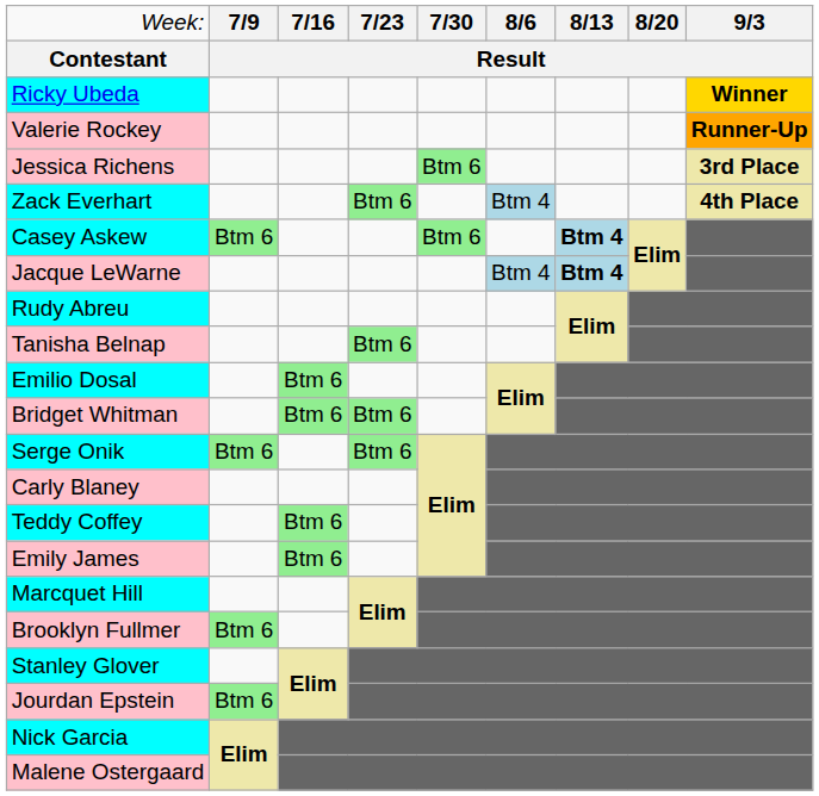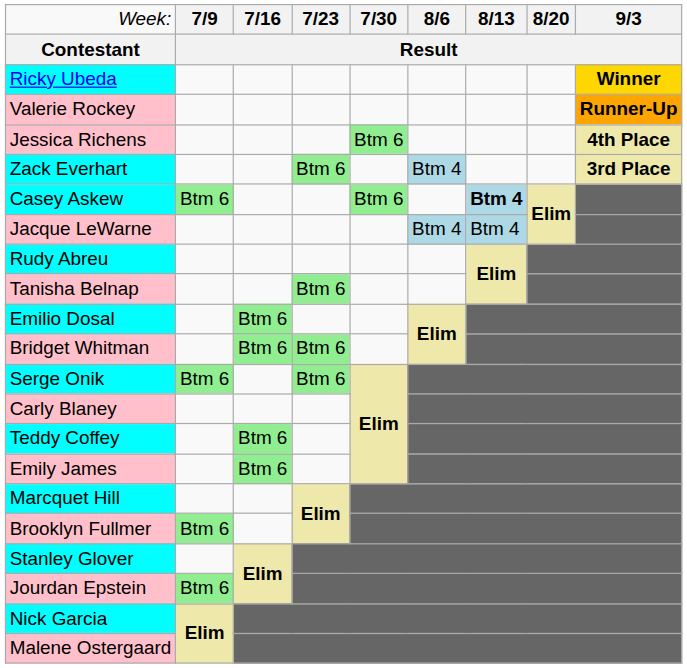 <table class="wikitable" style="margin:1em auto;">
 <tr>
 <td align="right"><em>Week:</em></td>
 <th>7/9</th>
 <th>7/16</th>
 <th>7/23</th>
 <th>7/30</th>
 <th>8/6</th>
 <th>8/13</th>
 <th>8/20</th>
 <th>9/3</th>
 </tr>
 <tr>
 <th>Contestant</th>
 <th colspan="22" style="text-align:center;">Result</th>
 </tr>
 <tr>
 <td style="background:cyan;"><a href='#'>Ricky Ubeda</a></td>
 <td></td>
 <td></td>
 <td></td>
 <td></td>
 <td></td>
 <td></td>
 <td></td>
 <td style="background:gold; text-align:center;"><strong>Winner</strong></td>
 </tr>
 <tr>
 <td style="background:pink;">Valerie Rockey</td>
 <td></td>
 <td></td>
 <td></td>
 <td></td>
 <td></td>
 <td></td>
 <td></td>
 <td style="background:orange; text-align:center;"><strong>Runner-Up</strong></td>
 </tr>
 <tr>
 <td style="background:pink;">Jessica Richens</td>
 <td></td>
 <td></td>
 <td></td>
 <td style="background:lightgreen;">Btm 6</td>
 <td></td>
 <td></td>
 <td></td>
-<td style="background:palegoldenrod; text-align:center;"><strong>3rd Place</strong></td>
+<td style="background:palegoldenrod; text-align:center;"><strong>4th Place</strong></td>
 </tr>
 <tr>
 <td style="background:cyan;">Zack Everhart</td>
 <td></td>
 <td></td>
 <td style="background:lightgreen;">Btm 6</td>
 <td></td>
 <td style="background:lightblue;">Btm 4</td>
 <td></td>
 <td></td>
-<td style="background:palegoldenrod; text-align:center;"><strong>4th Place</strong></td>
+<td style="background:palegoldenrod; text-align:center;"><strong>3rd Place</strong></td>
 </tr>
 <tr>
 <td style="background:cyan;">Casey Askew</td>
 <td style="background:lightgreen;">Btm 6</td>
 <td></td>
 <td></td>
 <td style="background:lightgreen;">Btm 6</td>
 <td></td>
 <td style="background:lightblue;"><strong>Btm 4</strong></td>
 <td rowspan="2"  style="background:palegoldenrod; text-align:center;"><strong>Elim</strong></td>
 <td colspan="5" style="background:#666;"></td>
 </tr>
 <tr>
 <td style="background:pink;">Jacque LeWarne</td>
 <td></td>
 <td></td>
 <td></td>
 <td></td>
 <td style="background:lightblue;">Btm 4</td>
-<td style="background:lightblue;"><strong>Btm 4</strong></td>
+<td style="background:lightblue;">Btm 4</td>
 <td colspan="5" style="background:#666;"></td>
 </tr>
 <tr>
 <td style="background:cyan;">Rudy Abreu</td>
 <td></td>
 <td></td>
 <td></td>
 <td></td>
 <td></td>
 <td rowspan="2"  style="background:palegoldenrod; text-align:center;"><strong>Elim</strong></td>
 <td colspan="6" style="background:#666;"></td>
 </tr>
 <tr>
 <td style="background:pink;">Tanisha Belnap</td>
 <td></td>
 <td></td>
 <td style="background:lightgreen;">Btm 6</td>
 <td></td>
 <td></td>
 <td colspan="6" style="background:#666;"></td>
 </tr>
 <tr>
 <td style="background:cyan;">Emilio Dosal</td>
 <td></td>
 <td style="background:lightgreen;">Btm 6</td>
 <td></td>
 <td></td>
 <td rowspan="2"  style="background:palegoldenrod; text-align:center;"><strong>Elim</strong></td>
 <td colspan="7" style="background:#666;"></td>
 </tr>
 <tr>
 <td style="background:pink;">Bridget Whitman</td>
 <td></td>
 <td style="background:lightgreen;">Btm 6</td>
 <td style="background:lightgreen;">Btm 6</td>
 <td></td>
 <td colspan="7" style="background:#666;"></td>
 </tr>
 <tr>
 <td style="background:cyan;">Serge Onik</td>
 <td style="background:lightgreen;">Btm 6</td>
 <td></td>
 <td style="background:lightgreen;">Btm 6</td>
 <td rowspan="4"  style="background:palegoldenrod; text-align:center;"><strong>Elim</strong></td>
 <td colspan="8" style="background:#666;"></td>
 </tr>
 <tr>
 <td style="background:pink;">Carly Blaney</td>
 <td></td>
 <td></td>
 <td></td>
 <td colspan="8" style="background:#666;"></td>
 </tr>
 <tr>
 <td style="background:cyan;">Teddy Coffey</td>
 <td></td>
 <td style="background:lightgreen;">Btm 6</td>
 <td></td>
 <td colspan="8" style="background:#666;"></td>
 </tr>
 <tr>
 <td style="background:pink;">Emily James</td>
 <td></td>
 <td style="background:lightgreen;">Btm 6</td>
 <td></td>
 <td colspan="8" style="background:#666;"></td>
 </tr>
 <tr>
 <td style="background:cyan;">Marcquet Hill</td>
 <td></td>
 <td></td>
 <td rowspan="2"  style="text-align:center; background:palegoldenrod;"><strong>Elim</strong></td>
 <td colspan="8" style="background:#666;"></td>
 </tr>
 <tr>
 <td style="background:pink;">Brooklyn Fullmer</td>
 <td style="background:lightgreen;">Btm 6</td>
 <td></td>
 <td colspan="8" style="background:#666;"></td>
 </tr>
 <tr>
 <td style="background:cyan;">Stanley Glover</td>
 <td></td>
 <td rowspan="2"  style="text-align:center; background:palegoldenrod;"><strong>Elim</strong></td>
 <td colspan="8" style="background:#666;"></td>
 </tr>
 <tr>
 <td style="background:pink;">Jourdan Epstein</td>
 <td style="background:lightgreen;">Btm 6</td>
 <td colspan="8" style="background:#666;"></td>
 </tr>
 <tr>
 <td style="background:cyan;">Nick Garcia</td>
 <td rowspan="2"  style="text-align:center; background:palegoldenrod;"><strong>Elim</strong></td>
 <td colspan="9" style="background:#666;"></td>
 </tr>
 <tr>
 <td style="background:Pink;">Malene Ostergaard</td>
 <td colspan="9" style="background:#666;"></td>
 </tr>
 </table>
